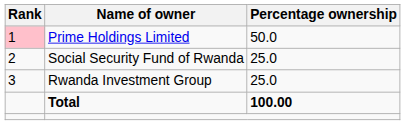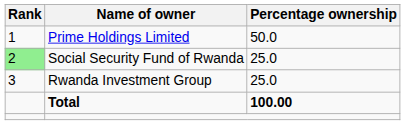 <table class="wikitable sortable" style="margin: 0.5em auto">
 <tr>
 <th>Rank</th>
 <th>Name of owner</th>
 <th>Percentage ownership</th>
 </tr>
 <tr>
-<td style="background: pink;">1</td>
+<td>1</td>
 <td><a href='#'>Prime Holdings Limited</a></td>
 <td>50.0</td>
 </tr>
 <tr>
-<td>2</td>
+<td style="background: lightgreen;">2</td>
 <td>Social Security Fund of Rwanda</td>
 <td>25.0</td>
 </tr>
 <tr>
 <td>3</td>
 <td>Rwanda Investment Group</td>
 <td>25.0</td>
 </tr>
 <tr>
 <td></td>
 <td><strong>Total</strong></td>
 <td><strong>100.00</strong></td>
 </tr>
 <tr>
 <td></td>
 </tr>
 </table>
